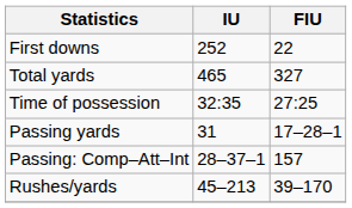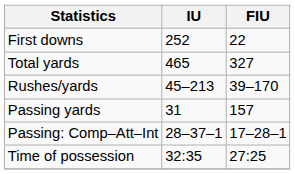 <table class="wikitable" style="float: left;">
 <tr>
 <th>Statistics</th>
 <th>IU</th>
 <th>FIU</th>
 </tr>
 <tr>
 <td>First downs</td>
 <td>252</td>
 <td>22</td>
 </tr>
 <tr>
 <td>Total yards</td>
 <td>465</td>
 <td>327</td>
 </tr>
 <tr>
+<td>Rushes/yards</td>
+<td>45–213</td>
+<td>39–170</td>
+</tr>
+<tr>
+<td>Passing yards</td>
+<td>31</td>
+<td>157</td>
+</tr>
+<tr>
+<td>Passing: Comp–Att–Int</td>
+<td>28–37–1</td>
+<td>17–28–1</td>
+</tr>
+<tr>
 <td>Time of possession</td>
 <td>32:35</td>
 <td>27:25</td>
 </tr>
 <tr>
-<td>Passing yards</td>
-<td>31</td>
-<td>17–28–1</td>
-</tr>
-<tr>
-<td>Passing: Comp–Att–Int</td>
-<td>28–37–1</td>
-<td>157</td>
-</tr>
-<tr>
-<td>Rushes/yards</td>
-<td>45–213</td>
-<td>39–170</td>
-</tr>
-<tr>
 </tr>
 </table>
